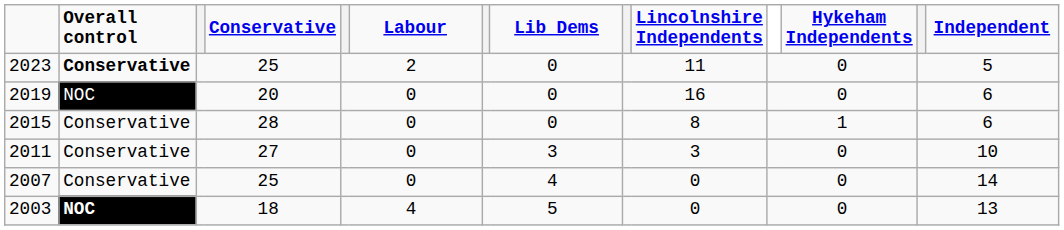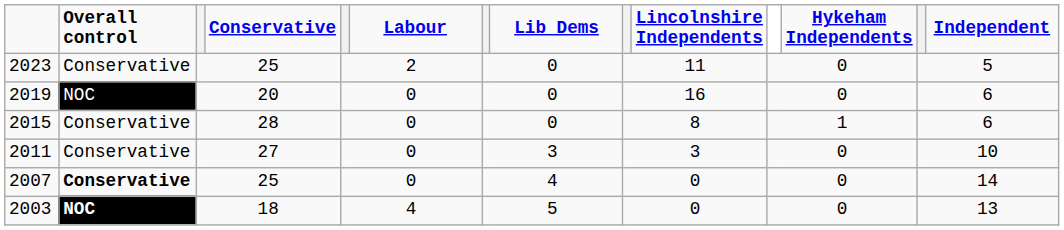 <table class="wikitable" style="text-align:left; padding-left:1em; font-size: 95%">
 <tr>
 <td width=32></td>
 <td width=90><strong>Overall control</strong></td>
 <th style="background-color: "></th>
 <td width=87 align="center"><strong><a href='#'>Conservative</a></strong></td>
 <th style="background-color: "></th>
 <td width=87 align="center"><strong><a href='#'>Labour</a></strong></td>
 <th style="background-color: "></th>
 <td width=87 align="center"><strong><a href='#'>Lib Dems</a></strong></td>
 <th style="background-color: "></th>
 <td width=87 align="center"><strong><a href='#'>Lincolnshire Independents</a></strong></td>
 <th style="background-color: white; width: 4px;"></th>
 <td width=87 align="center"><strong><a href='#'>Hykeham Independents</a></strong></td>
 <th style="background-color: "></th>
 <td width=87 align="center"><strong><a href='#'>Independent</a></strong></td>
 </tr>
 <tr>
 <td>2023</td>
-<td style="background:"><strong>Conservative</strong></td>
+<td style="background:">Conservative</td>
 <td colspan=2 align="center">25</td>
 <td colspan=2 align="center">2</td>
 <td colspan=2 align="center">0</td>
 <td colspan=2 align="center">11</td>
 <td colspan=2 align="center">0</td>
 <td colspan=2 align="center">5</td>
 </tr>
 <tr>
 <td>2019</td>
 <td style="background:black; color:white">NOC</td>
 <td colspan=2 align="center">20</td>
 <td colspan=2 align="center">0</td>
 <td colspan=2 align="center">0</td>
 <td colspan=2 align="center">16</td>
 <td colspan=2 align="center">0</td>
 <td colspan=2 align="center">6</td>
 </tr>
 <tr>
 <td>2015</td>
 <td style="background:">Conservative</td>
 <td colspan=2 align="center">28</td>
 <td colspan=2 align="center">0</td>
 <td colspan=2 align="center">0</td>
 <td colspan=2 align="center">8</td>
 <td colspan=2 align="center">1</td>
 <td colspan=2 align="center">6</td>
 </tr>
 <tr>
 <td>2011</td>
 <td style="background:">Conservative</td>
 <td colspan=2 align="center">27</td>
 <td colspan=2 align="center">0</td>
 <td colspan=2 align="center">3</td>
 <td colspan=2 align="center">3</td>
 <td colspan=2 align="center">0</td>
 <td colspan=2 align="center">10</td>
 </tr>
 <tr>
 <td>2007</td>
-<td style="background:">Conservative</td>
+<td style="background:"><strong>Conservative</strong></td>
 <td colspan=2 align="center">25</td>
 <td colspan=2 align="center">0</td>
 <td colspan=2 align="center">4</td>
 <td colspan=2 align="center">0</td>
 <td colspan=2 align="center">0</td>
 <td colspan=2 align="center">14</td>
 </tr>
 <tr>
 <td>2003</td>
 <td style="background:black; color:white"><strong>NOC</strong></td>
 <td colspan=2 align="center">18</td>
 <td colspan=2 align="center">4</td>
 <td colspan=2 align="center">5</td>
 <td colspan=2 align="center">0</td>
 <td colspan=2 align="center">0</td>
 <td colspan=2 align="center">13</td>
 </tr>
 </table>
